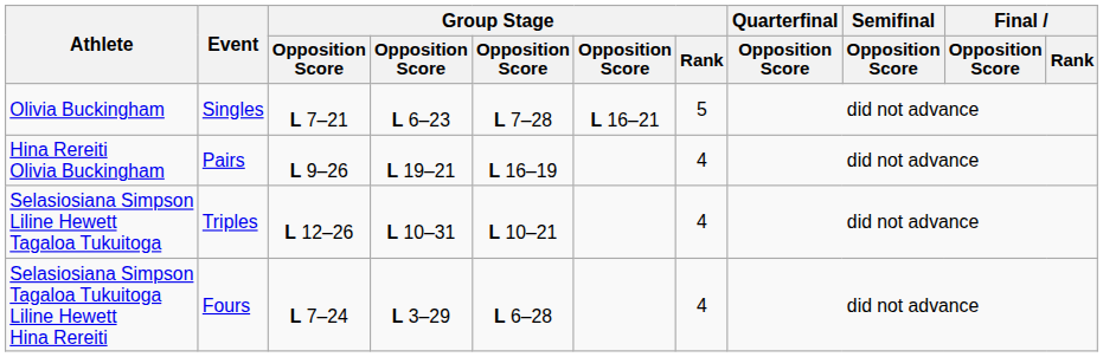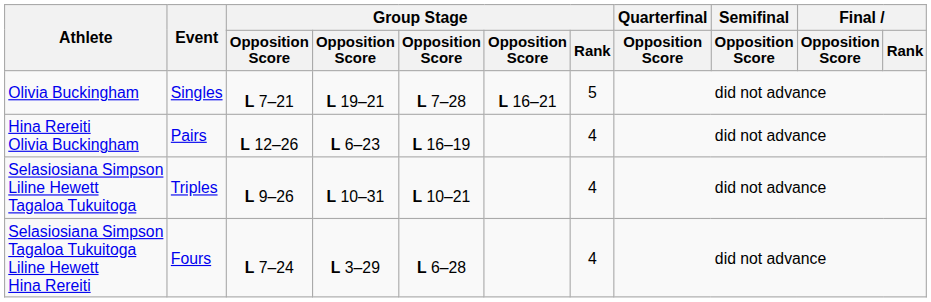 <table class="wikitable" style="font-size:88%; text-align:center">
 <tr>
 <th rowspan=2>Athlete</th>
 <th rowspan=2>Event</th>
 <th colspan=5>Group Stage</th>
 <th>Quarterfinal</th>
 <th>Semifinal</th>
 <th colspan=2>Final / </th>
 </tr>
 <tr style="font-size:95%">
 <th>Opposition<br>Score</th>
 <th>Opposition<br>Score</th>
 <th>Opposition<br>Score</th>
 <th>Opposition<br>Score</th>
 <th>Rank</th>
 <th>Opposition<br>Score</th>
 <th>Opposition<br>Score</th>
 <th>Opposition<br>Score</th>
 <th>Rank</th>
 </tr>
 <tr>
 <td align=left><a href='#'>Olivia Buckingham</a></td>
 <td align=left><a href='#'>Singles</a></td>
 <td><br><strong>L</strong> 7–21</td>
-<td><br><strong>L</strong> 6–23</td>
+<td><br><strong>L</strong> 19–21</td>
 <td><br><strong>L</strong> 7–28</td>
 <td><br><strong>L</strong> 16–21</td>
 <td>5</td>
 <td colspan=4>did not advance</td>
 </tr>
 <tr>
 <td align=left><a href='#'>Hina Rereiti</a><br><a href='#'>Olivia Buckingham</a></td>
 <td align=left><a href='#'>Pairs</a></td>
-<td><br><strong>L</strong> 9–26</td>
-<td><br><strong>L</strong> 19–21</td>
+<td><br><strong>L</strong> 12–26</td>
+<td><br><strong>L</strong> 6–23</td>
 <td><br><strong>L</strong> 16–19</td>
 <td></td>
 <td>4</td>
 <td colspan=4>did not advance</td>
 </tr>
 <tr>
 <td align=left><a href='#'>Selasiosiana Simpson</a><br><a href='#'>Liline Hewett</a><br><a href='#'>Tagaloa Tukuitoga</a></td>
 <td align=left><a href='#'>Triples</a></td>
-<td><br><strong>L</strong> 12–26</td>
+<td><br><strong>L</strong> 9–26</td>
 <td><br><strong>L</strong> 10–31</td>
 <td><br><strong>L</strong> 10–21</td>
 <td></td>
 <td>4</td>
 <td colspan=4>did not advance</td>
 </tr>
 <tr>
 <td align=left><a href='#'>Selasiosiana Simpson</a><br><a href='#'>Tagaloa Tukuitoga</a><br><a href='#'>Liline Hewett</a><br><a href='#'>Hina Rereiti</a></td>
 <td align=left><a href='#'>Fours</a></td>
 <td><br><strong>L</strong> 7–24</td>
 <td><br><strong>L</strong> 3–29</td>
 <td><br><strong>L</strong> 6–28</td>
 <td></td>
 <td>4</td>
 <td colspan=4>did not advance</td>
 </tr>
 </table>
